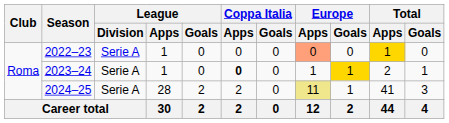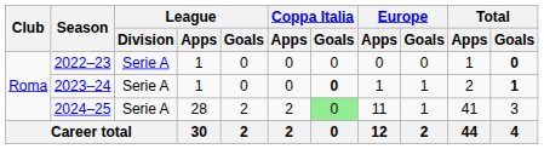 <table class="wikitable" style="text-align: center;">
 <tr>
 <th rowspan="2">Club</th>
 <th rowspan="2">Season</th>
 <th colspan="3">League</th>
 <th colspan="2"><a href='#'>Coppa Italia</a></th>
 <th colspan="2"><a href='#'>Europe</a></th>
 <th colspan="2">Total</th>
 </tr>
 <tr>
 <th>Division</th>
 <th>Apps</th>
 <th>Goals</th>
 <th>Apps</th>
 <th>Goals</th>
 <th>Apps</th>
 <th>Goals</th>
 <th>Apps</th>
 <th>Goals</th>
 </tr>
 <tr>
 <td rowspan="3"><a href='#'>Roma</a></td>
 <td><a href='#'>2022–23</a></td>
 <td><a href='#'>Serie A</a></td>
 <td>1</td>
 <td>0</td>
 <td>0</td>
 <td>0</td>
-<td style="background: lightsalmon;">0</td>
 <td>0</td>
-<td style="background: gold;">1</td>
 <td>0</td>
+<td>1</td>
+<td><strong>0</strong></td>
 </tr>
 <tr>
 <td><a href='#'>2023–24</a></td>
 <td>Serie A</td>
 <td>1</td>
 <td>0</td>
+<td>0</td>
 <td><strong>0</strong></td>
-<td>0</td>
 <td>1</td>
-<td style="background: gold;">1</td>
+<td>1</td>
 <td>2</td>
-<td>1</td>
+<td><strong>1</strong></td>
 </tr>
 <tr>
 <td><a href='#'>2024–25</a></td>
 <td>Serie A</td>
 <td>28</td>
 <td>2</td>
 <td>2</td>
-<td>0</td>
-<td style="background: khaki;">11</td>
+<td style="background: lightgreen;">0</td>
+<td>11</td>
 <td>1</td>
 <td>41</td>
 <td>3</td>
 </tr>
 <tr>
 <th colspan="3">Career total</th>
 <th>30</th>
 <th>2</th>
 <th>2</th>
 <th>0</th>
 <th>12</th>
 <th>2</th>
 <th>44</th>
 <th>4</th>
 </tr>
 </table>
